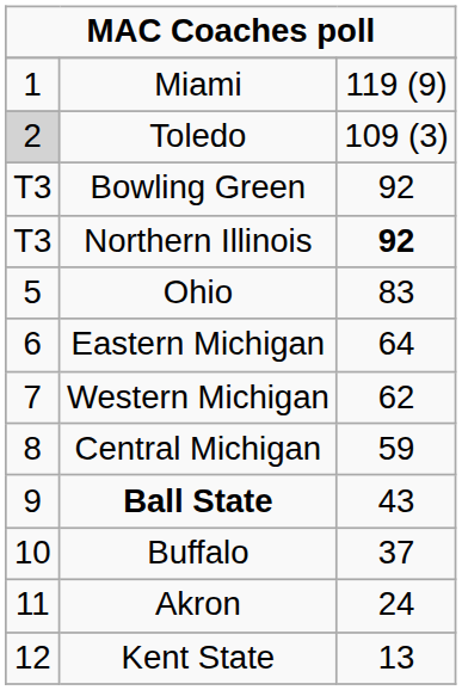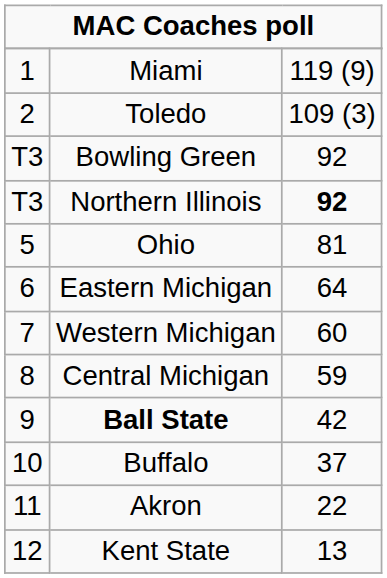 <table class="wikitable" style="display: inline-table;">
 <tr align="center">
 <td align="center" Colspan="3"><strong>MAC Coaches poll</strong></td>
 </tr>
 <tr align="center">
 </tr>
 <tr align="center">
 <td>1</td>
 <td>Miami</td>
 <td>119 (9)</td>
 </tr>
 <tr align="center">
-<td style="background: lightgrey;">2</td>
+<td>2</td>
 <td>Toledo</td>
 <td>109 (3)</td>
 </tr>
 <tr align="center">
 <td>T3</td>
 <td>Bowling Green</td>
 <td>92</td>
 </tr>
 <tr align="center">
 <td>T3</td>
 <td>Northern Illinois</td>
 <td><strong>92</strong></td>
 </tr>
 <tr align="center">
 <td>5</td>
 <td>Ohio</td>
-<td>83</td>
+<td>81</td>
 </tr>
 <tr align="center">
 <td>6</td>
 <td>Eastern Michigan</td>
 <td>64</td>
 </tr>
 <tr align="center">
 <td>7</td>
 <td>Western Michigan</td>
-<td>62</td>
+<td>60</td>
 </tr>
 <tr align="center">
 <td>8</td>
 <td>Central Michigan</td>
 <td>59</td>
 </tr>
 <tr align="center">
 <td>9</td>
 <td><strong>Ball State</strong></td>
-<td>43</td>
+<td>42</td>
 </tr>
 <tr align="center">
 <td>10</td>
 <td>Buffalo</td>
 <td>37</td>
 </tr>
 <tr align="center">
 <td>11</td>
 <td>Akron</td>
-<td>24</td>
+<td>22</td>
 </tr>
 <tr align="center">
 <td>12</td>
 <td>Kent State</td>
 <td>13</td>
 </tr>
 </table>
